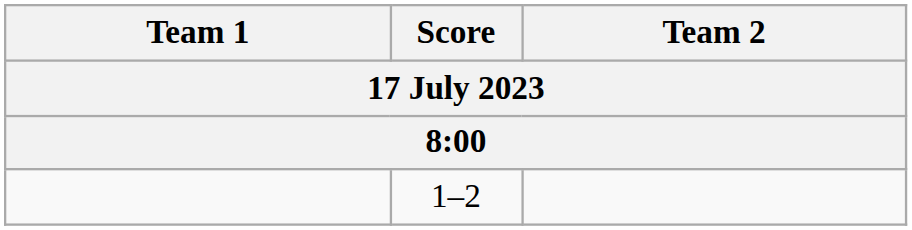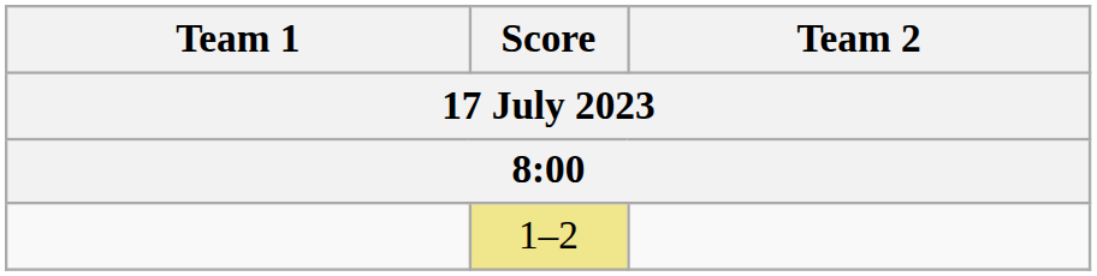 <table class="wikitable" style="text-align: center; font-size:90% ">
 <tr>
 <th align="right" width="160">Team 1</th>
 <th width="50">Score</th>
 <th align="left" width="160">Team 2</th>
 </tr>
 <tr>
 <th colspan=3>17 July 2023</th>
 </tr>
 <tr>
 <th colspan=3>8:00</th>
 </tr>
 <tr>
 <td align=right></td>
-<td align=center>1–2</td>
+<td align=center style="background: khaki;">1–2</td>
 <td align=left></td>
 </tr>
 </table>
